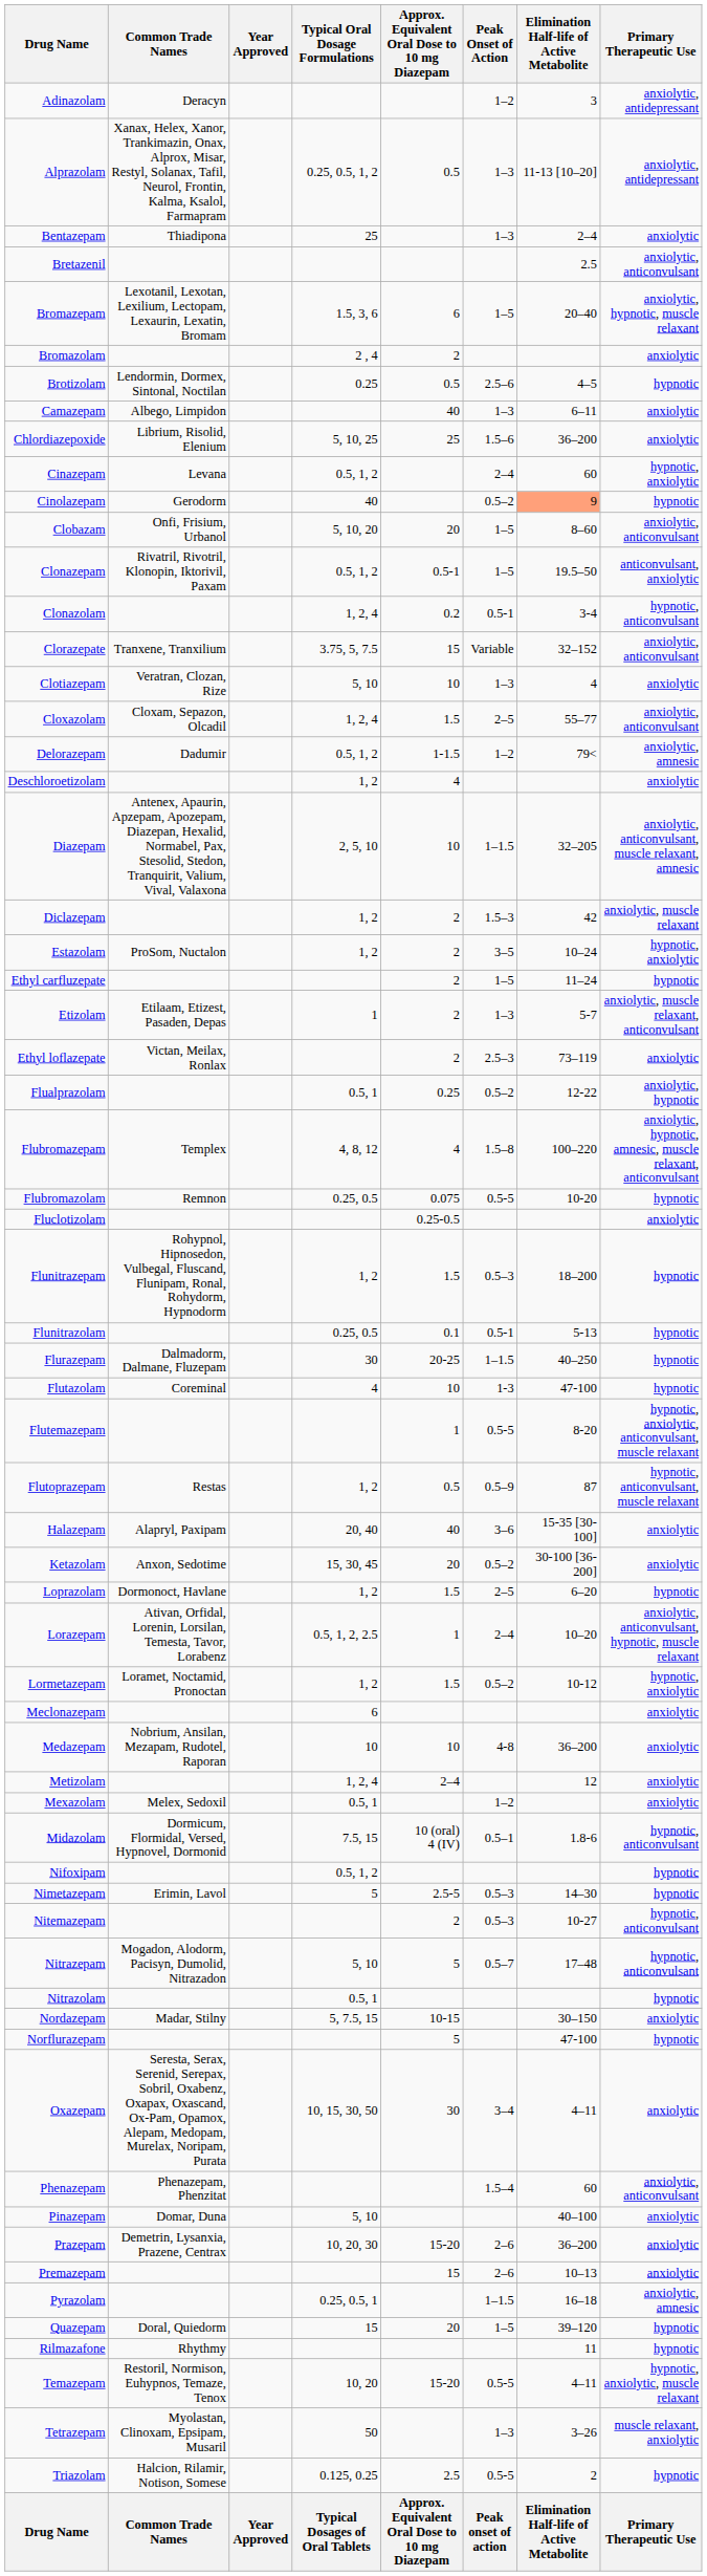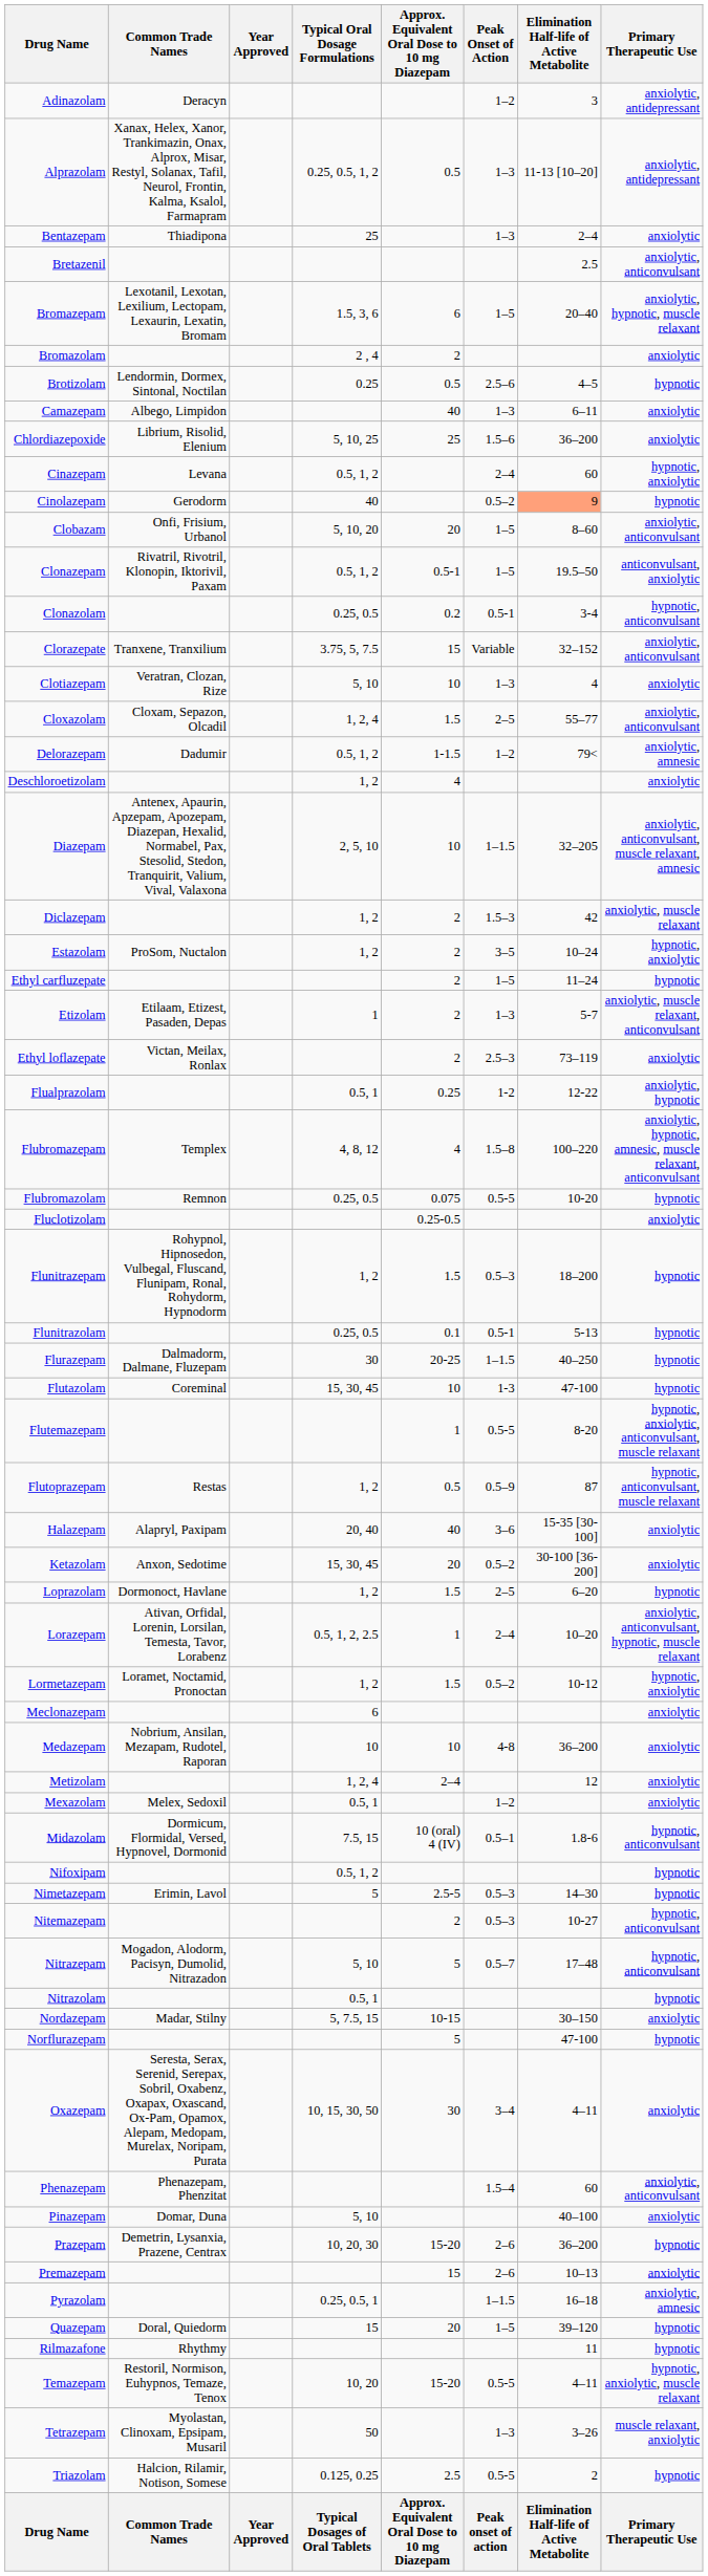 <table class="wikitable sortable" style="float:center; margin-left:3px;text-size:100%; text-align:right">
 <tr>
 <th data-sort-type="text">Drug Name</th>
 <th>Common Trade Names</th>
 <th data-sort-type="number">Year Approved<br></th>
 <th>Typical Oral Dosage Formulations<br><strong></strong></th>
 <th data-sort-type="number">Approx. Equivalent Oral Dose to 10 mg Diazepam </th>
 <th data-sort-type="number">Peak Onset of Action<br></th>
 <th data-sort-type="number">Elimination Half-life of Active Metabolite </th>
 <th>Primary Therapeutic Use</th>
 </tr>
 <tr>
 <td><a href='#'>Adinazolam</a></td>
 <td>Deracyn</td>
 <td></td>
 <td></td>
 <td></td>
 <td>1–2</td>
 <td>3</td>
 <td><a href='#'>anxiolytic</a>, <a href='#'>antidepressant</a></td>
 </tr>
 <tr>
 <td><a href='#'>Alprazolam</a></td>
 <td>Xanax, Helex, Xanor, Trankimazin, Onax, Alprox, Misar, Restyl, Solanax, Tafil, Neurol, Frontin, Kalma, Ksalol, Farmapram</td>
 <td></td>
 <td>0.25, 0.5, 1, 2</td>
 <td>0.5</td>
 <td>1–3</td>
 <td>11-13 [10–20]</td>
 <td><a href='#'>anxiolytic</a>, <a href='#'>antidepressant</a></td>
 </tr>
 <tr>
 <td><a href='#'>Bentazepam</a></td>
 <td>Thiadipona</td>
 <td></td>
 <td>25</td>
 <td></td>
 <td>1–3</td>
 <td>2–4</td>
 <td><a href='#'>anxiolytic</a></td>
 </tr>
 <tr>
 <td><a href='#'>Bretazenil</a></td>
 <td></td>
 <td></td>
 <td></td>
 <td></td>
 <td></td>
 <td>2.5</td>
 <td><a href='#'>anxiolytic</a>, <a href='#'>anticonvulsant</a></td>
 </tr>
 <tr>
 <td><a href='#'>Bromazepam</a></td>
 <td>Lexotanil, Lexotan,  Lexilium, Lectopam, Lexaurin, Lexatin,  Bromam</td>
 <td></td>
 <td>1.5, 3, 6</td>
 <td>6</td>
 <td>1–5</td>
 <td>20–40</td>
 <td><a href='#'>anxiolytic</a>,<br><a href='#'>hypnotic</a>, <a href='#'>muscle relaxant</a></td>
 </tr>
 <tr>
 <td><a href='#'>Bromazolam</a></td>
 <td></td>
 <td></td>
 <td>2 , 4</td>
 <td>2</td>
 <td></td>
 <td></td>
 <td><a href='#'>anxiolytic</a></td>
 </tr>
 <tr>
 <td><a href='#'>Brotizolam</a></td>
 <td>Lendormin, Dormex, Sintonal, Noctilan</td>
 <td></td>
 <td>0.25</td>
 <td>0.5</td>
 <td>2.5–6</td>
 <td>4–5</td>
 <td><a href='#'>hypnotic</a></td>
 </tr>
 <tr>
 <td><a href='#'>Camazepam</a></td>
 <td>Albego, Limpidon</td>
 <td></td>
 <td></td>
 <td>40</td>
 <td>1–3</td>
 <td>6–11</td>
 <td><a href='#'>anxiolytic</a></td>
 </tr>
 <tr>
 <td><a href='#'>Chlordiazepoxide</a></td>
 <td>Librium, Risolid, Elenium</td>
 <td></td>
 <td>5, 10, 25</td>
 <td>25</td>
 <td>1.5–6</td>
 <td>36–200</td>
 <td><a href='#'>anxiolytic</a></td>
 </tr>
 <tr>
 <td><a href='#'>Cinazepam</a></td>
 <td>Levana</td>
 <td></td>
 <td>0.5, 1, 2</td>
 <td></td>
 <td>2–4</td>
 <td>60</td>
 <td><a href='#'>hypnotic</a>, <a href='#'>anxiolytic</a></td>
 </tr>
 <tr>
 <td><a href='#'>Cinolazepam</a></td>
 <td>Gerodorm</td>
 <td></td>
 <td>40</td>
 <td></td>
 <td>0.5–2</td>
 <td style="background: lightsalmon;">9</td>
 <td><a href='#'>hypnotic</a></td>
 </tr>
 <tr>
 <td><a href='#'>Clobazam</a></td>
 <td>Onfi, Frisium, Urbanol</td>
 <td></td>
 <td>5, 10, 20</td>
 <td>20</td>
 <td>1–5</td>
 <td>8–60</td>
 <td><a href='#'>anxiolytic</a>, <a href='#'>anticonvulsant</a></td>
 </tr>
 <tr>
 <td><a href='#'>Clonazepam</a></td>
 <td>Rivatril, Rivotril, Klonopin, Iktorivil, Paxam</td>
 <td></td>
 <td>0.5, 1, 2</td>
 <td>0.5-1</td>
 <td>1–5</td>
 <td>19.5–50</td>
 <td><a href='#'>anticonvulsant</a>, <a href='#'>anxiolytic</a></td>
 </tr>
 <tr>
 <td><a href='#'>Clonazolam</a></td>
 <td></td>
 <td></td>
-<td>1, 2, 4</td>
+<td>0.25, 0.5</td>
 <td>0.2</td>
 <td>0.5-1</td>
 <td>3-4</td>
 <td><a href='#'>hypnotic</a>, <a href='#'>anticonvulsant</a></td>
 </tr>
 <tr>
 <td><a href='#'>Clorazepate</a></td>
 <td>Tranxene, Tranxilium</td>
 <td></td>
 <td>3.75, 5, 7.5</td>
 <td>15</td>
 <td>Variable</td>
 <td>32–152</td>
 <td><a href='#'>anxiolytic</a>, <a href='#'>anticonvulsant</a></td>
 </tr>
 <tr>
 <td><a href='#'>Clotiazepam</a></td>
 <td>Veratran, Clozan, Rize</td>
 <td></td>
 <td>5, 10</td>
 <td>10</td>
 <td>1–3</td>
 <td>4</td>
 <td><a href='#'>anxiolytic</a></td>
 </tr>
 <tr>
 <td><a href='#'>Cloxazolam</a></td>
 <td>Cloxam, Sepazon, Olcadil</td>
 <td></td>
 <td>1, 2, 4</td>
 <td>1.5</td>
 <td>2–5</td>
 <td>55–77</td>
 <td><a href='#'>anxiolytic</a>, <a href='#'>anticonvulsant</a></td>
 </tr>
 <tr>
 <td><a href='#'>Delorazepam</a></td>
 <td>Dadumir</td>
 <td></td>
 <td>0.5, 1, 2</td>
 <td>1-1.5</td>
 <td>1–2</td>
 <td>79<</td>
 <td><a href='#'>anxiolytic</a>, <a href='#'>amnesic</a></td>
 </tr>
 <tr>
 <td><a href='#'>Deschloroetizolam</a></td>
 <td></td>
 <td></td>
 <td>1, 2</td>
 <td>4</td>
 <td></td>
 <td></td>
 <td><a href='#'>anxiolytic</a></td>
 </tr>
 <tr>
 <td><a href='#'>Diazepam</a></td>
 <td>Antenex, Apaurin, Apzepam, Apozepam, Diazepan, Hexalid, Normabel, Pax, Stesolid, Stedon, Tranquirit, Valium, Vival, Valaxona</td>
 <td></td>
 <td>2, 5, 10</td>
 <td>10</td>
 <td>1–1.5</td>
 <td>32–205</td>
 <td><a href='#'>anxiolytic</a>, <a href='#'>anticonvulsant</a>, <a href='#'>muscle relaxant</a>, <a href='#'>amnesic</a></td>
 </tr>
 <tr>
 <td><a href='#'>Diclazepam</a></td>
 <td></td>
 <td></td>
 <td>1, 2</td>
 <td>2</td>
 <td>1.5–3</td>
 <td>42</td>
 <td><a href='#'>anxiolytic</a>, <a href='#'>muscle relaxant</a></td>
 </tr>
 <tr>
 <td><a href='#'>Estazolam</a></td>
 <td>ProSom, Nuctalon</td>
 <td></td>
 <td>1, 2</td>
 <td>2</td>
 <td>3–5</td>
 <td>10–24</td>
 <td><a href='#'>hypnotic</a>, <a href='#'>anxiolytic</a></td>
 </tr>
 <tr>
 <td><a href='#'>Ethyl carfluzepate</a></td>
 <td></td>
 <td></td>
 <td></td>
 <td>2</td>
 <td>1–5</td>
 <td>11–24</td>
 <td><a href='#'>hypnotic</a></td>
 </tr>
 <tr>
 <td><a href='#'>Etizolam</a></td>
 <td>Etilaam, Etizest, Pasaden, Depas</td>
 <td></td>
 <td>1</td>
 <td>2</td>
 <td>1–3</td>
 <td>5-7</td>
 <td><a href='#'>anxiolytic</a>, <a href='#'>muscle relaxant</a>, <a href='#'>anticonvulsant</a></td>
 </tr>
 <tr>
 <td><a href='#'>Ethyl loflazepate</a></td>
 <td>Victan, Meilax, Ronlax</td>
 <td></td>
 <td></td>
 <td>2</td>
 <td>2.5–3</td>
 <td>73–119</td>
 <td><a href='#'>anxiolytic</a></td>
 </tr>
 <tr>
 <td><a href='#'>Flualprazolam</a></td>
 <td></td>
 <td></td>
 <td>0.5, 1</td>
 <td>0.25</td>
-<td>0.5–2</td>
+<td>1-2</td>
 <td>12-22</td>
 <td><a href='#'>anxiolytic</a>, <a href='#'>hypnotic</a></td>
 </tr>
 <tr>
 <td><a href='#'>Flubromazepam</a></td>
 <td>Templex</td>
 <td></td>
 <td>4, 8, 12</td>
 <td>4</td>
 <td>1.5–8</td>
 <td>100–220</td>
 <td><a href='#'>anxiolytic</a>, <a href='#'>hypnotic</a>, <a href='#'>amnesic</a>, <a href='#'>muscle relaxant</a>, <a href='#'>anticonvulsant</a></td>
 </tr>
 <tr>
 <td><a href='#'>Flubromazolam</a></td>
 <td>Remnon</td>
 <td></td>
 <td>0.25, 0.5</td>
 <td>0.075</td>
 <td>0.5-5</td>
 <td>10-20</td>
 <td><a href='#'>hypnotic</a></td>
 </tr>
 <tr>
 <td><a href='#'>Fluclotizolam</a></td>
 <td></td>
 <td></td>
 <td></td>
 <td>0.25-0.5</td>
 <td></td>
 <td></td>
 <td><a href='#'>anxiolytic</a></td>
 </tr>
 <tr>
 <td><a href='#'>Flunitrazepam</a></td>
 <td>Rohypnol, Hipnosedon, Vulbegal, Fluscand, Flunipam, Ronal, Rohydorm, Hypnodorm</td>
 <td></td>
 <td>1, 2</td>
 <td>1.5</td>
 <td>0.5–3</td>
 <td>18–200</td>
 <td><a href='#'>hypnotic</a></td>
 </tr>
 <tr>
 <td><a href='#'>Flunitrazolam</a></td>
 <td></td>
 <td></td>
 <td>0.25, 0.5</td>
 <td>0.1</td>
 <td>0.5-1</td>
 <td>5-13</td>
 <td><a href='#'>hypnotic</a></td>
 </tr>
 <tr>
 <td><a href='#'>Flurazepam</a></td>
 <td>Dalmadorm, Dalmane, Fluzepam</td>
 <td></td>
 <td>30</td>
 <td>20-25</td>
 <td>1–1.5</td>
 <td>40–250</td>
 <td><a href='#'>hypnotic</a></td>
 </tr>
 <tr>
 <td><a href='#'>Flutazolam</a></td>
 <td>Coreminal</td>
 <td></td>
-<td>4</td>
+<td>15, 30, 45</td>
 <td>10</td>
 <td>1-3</td>
 <td>47-100</td>
 <td><a href='#'>hypnotic</a></td>
 </tr>
 <tr>
 <td><a href='#'>Flutemazepam</a></td>
 <td></td>
 <td></td>
 <td></td>
 <td>1</td>
 <td>0.5-5</td>
 <td>8-20</td>
 <td><a href='#'>hypnotic</a>, <a href='#'>anxiolytic</a>, <a href='#'>anticonvulsant</a>, <a href='#'>muscle relaxant</a></td>
 </tr>
 <tr>
 <td><a href='#'>Flutoprazepam</a></td>
 <td>Restas</td>
 <td></td>
 <td>1, 2</td>
 <td>0.5</td>
 <td>0.5–9</td>
 <td>87</td>
 <td><a href='#'>hypnotic</a>, <a href='#'>anticonvulsant</a>, <a href='#'>muscle relaxant</a></td>
 </tr>
 <tr>
 <td><a href='#'>Halazepam</a></td>
 <td>Alapryl, Paxipam</td>
 <td></td>
 <td>20, 40</td>
 <td>40</td>
 <td>3–6</td>
 <td>15-35 [30-100]</td>
 <td><a href='#'>anxiolytic</a></td>
 </tr>
 <tr>
 <td><a href='#'>Ketazolam</a></td>
 <td>Anxon, Sedotime</td>
 <td></td>
 <td>15, 30, 45</td>
 <td>20</td>
 <td>0.5–2</td>
 <td>30-100 [36-200]</td>
 <td><a href='#'>anxiolytic</a></td>
 </tr>
 <tr>
 <td><a href='#'>Loprazolam</a></td>
 <td>Dormonoct, Havlane</td>
 <td></td>
 <td>1, 2</td>
 <td>1.5</td>
 <td>2–5</td>
 <td>6–20</td>
 <td><a href='#'>hypnotic</a></td>
 </tr>
 <tr>
 <td><a href='#'>Lorazepam</a></td>
 <td>Ativan, Orfidal, Lorenin, Lorsilan, Temesta, Tavor, Lorabenz</td>
 <td></td>
 <td>0.5, 1, 2, 2.5</td>
 <td>1</td>
 <td>2–4</td>
 <td>10–20</td>
 <td><a href='#'>anxiolytic</a>, <a href='#'>anticonvulsant</a>, <a href='#'>hypnotic</a>, <a href='#'>muscle relaxant</a></td>
 </tr>
 <tr>
 <td><a href='#'>Lormetazepam</a></td>
 <td>Loramet, Noctamid, Pronoctan</td>
 <td></td>
 <td>1, 2</td>
 <td>1.5</td>
 <td>0.5–2</td>
 <td>10-12</td>
 <td><a href='#'>hypnotic</a>, <a href='#'>anxiolytic</a></td>
 </tr>
 <tr>
 <td><a href='#'>Meclonazepam</a></td>
 <td></td>
 <td></td>
 <td>6</td>
 <td></td>
 <td></td>
 <td></td>
 <td><a href='#'>anxiolytic</a></td>
 </tr>
 <tr>
 <td><a href='#'>Medazepam</a></td>
 <td>Nobrium, Ansilan, Mezapam, Rudotel, Raporan</td>
 <td></td>
 <td>10</td>
 <td>10</td>
 <td>4-8</td>
 <td>36–200</td>
 <td><a href='#'>anxiolytic</a></td>
 </tr>
 <tr>
 <td><a href='#'>Metizolam</a></td>
 <td></td>
 <td></td>
 <td>1, 2, 4</td>
 <td>2–4</td>
 <td></td>
 <td>12</td>
 <td><a href='#'>anxiolytic</a></td>
 </tr>
 <tr>
 <td><a href='#'>Mexazolam</a></td>
 <td>Melex, Sedoxil</td>
 <td></td>
 <td>0.5, 1</td>
 <td></td>
 <td>1–2</td>
 <td></td>
 <td><a href='#'>anxiolytic</a></td>
 </tr>
 <tr>
 <td><a href='#'>Midazolam</a></td>
 <td>Dormicum, Flormidal, Versed, Hypnovel, Dormonid</td>
 <td></td>
 <td>7.5, 15</td>
 <td>10 (oral)<br>4 (IV)</td>
 <td>0.5–1</td>
 <td>1.8-6</td>
 <td><a href='#'>hypnotic</a>, <a href='#'>anticonvulsant</a></td>
 </tr>
 <tr>
 <td><a href='#'>Nifoxipam</a></td>
 <td></td>
 <td></td>
 <td>0.5, 1, 2</td>
 <td></td>
 <td></td>
 <td></td>
 <td><a href='#'>hypnotic</a></td>
 </tr>
 <tr>
 <td><a href='#'>Nimetazepam</a></td>
 <td>Erimin, Lavol</td>
 <td></td>
 <td>5</td>
 <td>2.5-5</td>
 <td>0.5–3</td>
 <td>14–30</td>
 <td><a href='#'>hypnotic</a></td>
 </tr>
 <tr>
 <td><a href='#'>Nitemazepam</a></td>
 <td></td>
 <td></td>
 <td></td>
 <td>2</td>
 <td>0.5–3</td>
 <td>10-27</td>
 <td><a href='#'>hypnotic</a>, <a href='#'>anticonvulsant</a></td>
 </tr>
 <tr>
 <td><a href='#'>Nitrazepam</a></td>
 <td>Mogadon, Alodorm, Pacisyn, Dumolid, Nitrazadon</td>
 <td></td>
 <td>5, 10</td>
 <td>5</td>
 <td>0.5–7</td>
 <td>17–48</td>
 <td><a href='#'>hypnotic</a>, <a href='#'>anticonvulsant</a></td>
 </tr>
 <tr>
 <td><a href='#'>Nitrazolam</a></td>
 <td></td>
 <td></td>
 <td>0.5, 1</td>
 <td></td>
 <td></td>
 <td></td>
 <td><a href='#'>hypnotic</a></td>
 </tr>
 <tr>
 <td><a href='#'>Nordazepam</a></td>
 <td>Madar, Stilny</td>
 <td></td>
 <td>5, 7.5, 15</td>
 <td>10-15</td>
 <td></td>
 <td>30–150</td>
 <td><a href='#'>anxiolytic</a></td>
 </tr>
 <tr>
 <td><a href='#'>Norflurazepam</a></td>
 <td></td>
 <td></td>
 <td></td>
 <td>5</td>
 <td></td>
 <td>47-100</td>
 <td><a href='#'>hypnotic</a></td>
 </tr>
 <tr>
 <td><a href='#'>Oxazepam</a></td>
 <td>Seresta, Serax, Serenid, Serepax, Sobril, Oxabenz, Oxapax, Oxascand, Ox-Pam, Opamox, Alepam, Medopam, Murelax, Noripam, Purata</td>
 <td></td>
 <td>10, 15, 30, 50</td>
 <td>30</td>
 <td>3–4</td>
 <td>4–11</td>
 <td><a href='#'>anxiolytic</a></td>
 </tr>
 <tr>
 <td><a href='#'>Phenazepam</a></td>
 <td>Phenazepam, Phenzitat</td>
 <td></td>
 <td></td>
 <td></td>
 <td>1.5–4</td>
 <td>60</td>
 <td><a href='#'>anxiolytic</a>, <a href='#'>anticonvulsant</a></td>
 </tr>
 <tr>
 <td><a href='#'>Pinazepam</a></td>
 <td>Domar, Duna</td>
 <td></td>
 <td>5, 10</td>
 <td></td>
 <td></td>
 <td>40–100</td>
 <td><a href='#'>anxiolytic</a></td>
 </tr>
 <tr>
 <td><a href='#'>Prazepam</a></td>
 <td>Demetrin, Lysanxia, Prazene, Centrax</td>
 <td></td>
 <td>10, 20, 30</td>
 <td>15-20</td>
 <td>2–6</td>
 <td>36–200</td>
-<td><a href='#'>anxiolytic</a></td>
+<td><a href='#'>hypnotic</a></td>
 </tr>
 <tr>
 <td><a href='#'>Premazepam</a></td>
 <td></td>
 <td></td>
 <td></td>
 <td>15</td>
 <td>2–6</td>
 <td>10–13</td>
 <td><a href='#'>anxiolytic</a></td>
 </tr>
 <tr>
 <td><a href='#'>Pyrazolam</a></td>
 <td></td>
 <td></td>
 <td>0.25, 0.5, 1</td>
 <td></td>
 <td>1–1.5</td>
 <td>16–18</td>
 <td><a href='#'>anxiolytic</a>, <a href='#'>amnesic</a></td>
 </tr>
 <tr>
 <td><a href='#'>Quazepam</a></td>
 <td>Doral, Quiedorm</td>
 <td></td>
 <td>15</td>
 <td>20</td>
 <td>1–5</td>
 <td>39–120</td>
 <td><a href='#'>hypnotic</a></td>
 </tr>
 <tr>
 <td><a href='#'>Rilmazafone</a></td>
 <td>Rhythmy</td>
 <td></td>
 <td></td>
 <td></td>
 <td></td>
 <td>11</td>
 <td><a href='#'>hypnotic</a></td>
 </tr>
 <tr>
 <td><a href='#'>Temazepam</a></td>
 <td>Restoril, Normison, Euhypnos, Temaze, Tenox</td>
 <td></td>
 <td>10, 20</td>
 <td>15-20</td>
 <td>0.5-5</td>
 <td>4–11</td>
 <td><a href='#'>hypnotic</a>, <a href='#'>anxiolytic</a>, <a href='#'>muscle relaxant</a></td>
 </tr>
 <tr>
 <td><a href='#'>Tetrazepam</a></td>
 <td>Myolastan, Clinoxam, Epsipam, Musaril</td>
 <td></td>
 <td>50</td>
 <td></td>
 <td>1–3</td>
 <td>3–26</td>
 <td><a href='#'>muscle relaxant</a>, <a href='#'>anxiolytic</a></td>
 </tr>
 <tr>
 <td><a href='#'>Triazolam</a></td>
 <td>Halcion, Rilamir, Notison, Somese</td>
 <td></td>
 <td>0.125, 0.25</td>
 <td>2.5</td>
 <td>0.5-5</td>
 <td>2</td>
 <td><a href='#'>hypnotic</a></td>
 </tr>
 <tr>
 <th>Drug Name</th>
 <th>Common Trade Names</th>
 <th>Year Approved</th>
 <th>Typical Dosages of Oral Tablets<br><strong></strong></th>
 <th>Approx. Equivalent Oral Dose to 10 mg Diazepam </th>
 <th>Peak onset of action </th>
 <th>Elimination Half-life of Active Metabolite </th>
 <th>Primary Therapeutic Use</th>
 </tr>
 </table>
